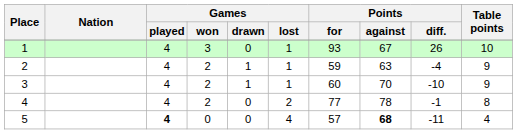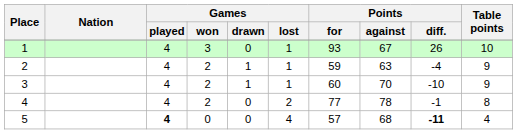 <table class="wikitable">
 <tr>
 <th rowspan=2 width="8%">Place</th>
 <th rowspan=2 width="20%">Nation</th>
 <th colspan=4 width="32%">Games</th>
 <th colspan=3 width="30%">Points</th>
 <th rowspan=2 width="10%">Table<br>points</th>
 </tr>
 <tr>
 <th width="8%">played</th>
 <th width="8%">won</th>
 <th width="8%">drawn</th>
 <th width="8%">lost</th>
 <th width="10%">for</th>
 <th width="10%">against</th>
 <th width="10%">diff.</th>
 </tr>
 <tr>
 </tr>
 <tr bgcolor=#ccffcc align=center>
 <td>1</td>
 <td align=left><strong></strong></td>
 <td>4</td>
 <td>3</td>
 <td>0</td>
 <td>1</td>
 <td>93</td>
 <td>67</td>
 <td>26</td>
 <td>10</td>
 </tr>
 <tr bgcolor=#ffffff align=center>
 <td>2</td>
 <td align=left></td>
 <td>4</td>
 <td>2</td>
 <td>1</td>
 <td>1</td>
 <td>59</td>
 <td>63</td>
 <td>-4</td>
 <td>9</td>
 </tr>
 <tr bgcolor=#ffffff align=center>
 <td>3</td>
 <td align=left></td>
 <td>4</td>
 <td>2</td>
 <td>1</td>
 <td>1</td>
 <td>60</td>
 <td>70</td>
 <td>-10</td>
 <td>9</td>
 </tr>
 <tr bgcolor=#ffffff align=center>
 <td>4</td>
 <td align=left></td>
 <td>4</td>
 <td>2</td>
 <td>0</td>
 <td>2</td>
 <td>77</td>
 <td>78</td>
 <td>-1</td>
 <td>8</td>
 </tr>
 <tr bgcolor=#ffffff align=center>
 <td>5</td>
 <td align=left><em></em></td>
 <td><strong>4</strong></td>
 <td>0</td>
 <td>0</td>
 <td>4</td>
 <td>57</td>
-<td><strong>68</strong></td>
-<td>-11</td>
+<td>68</td>
+<td><strong>-11</strong></td>
 <td>4</td>
 </tr>
 </table>
